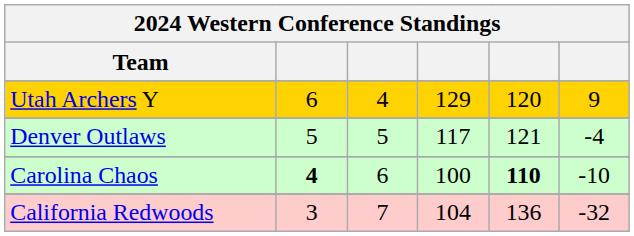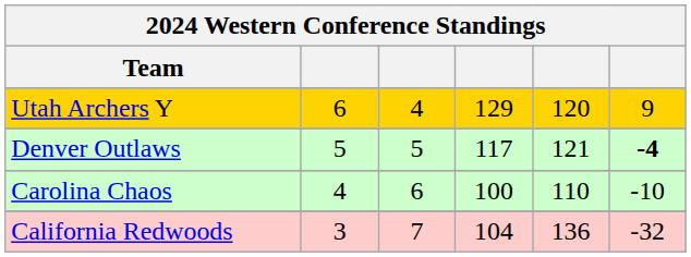 <table class="wikitable" style="text-align:center">
 <tr>
 <th colspan="14" style="background-color:;color:#000000;">2024 Western Conference Standings</th>
 </tr>
 <tr>
 <th width="175">Team</th>
 <th width="40"></th>
 <th width="40"></th>
 <th width="40"></th>
 <th width="40"></th>
 <th width="40"></th>
 </tr>
 <tr>
 </tr>
 <tr bgcolor="ffd300">
 <td style="text-align:left;"><a href='#'>Utah Archers</a> Y</td>
 <td>6</td>
 <td>4</td>
 <td>129</td>
 <td>120</td>
 <td>9</td>
 </tr>
 <tr>
 </tr>
 <tr bgcolor="ccffcc">
 <td style="text-align:left;"><a href='#'>Denver Outlaws</a></td>
 <td>5</td>
 <td>5</td>
 <td>117</td>
 <td>121</td>
-<td>-4</td>
+<td><strong>-4</strong></td>
 </tr>
 <tr>
 </tr>
 <tr bgcolor="ccffcc">
 <td style="text-align:left;"><a href='#'>Carolina Chaos</a></td>
-<td><strong>4</strong></td>
+<td>4</td>
 <td>6</td>
 <td>100</td>
-<td><strong>110</strong></td>
+<td>110</td>
 <td>-10</td>
 </tr>
 <tr>
 </tr>
 <tr bgcolor="ffcccc">
 <td style="text-align:left;"><a href='#'>California Redwoods</a></td>
 <td>3</td>
 <td>7</td>
 <td>104</td>
 <td>136</td>
 <td>-32</td>
 </tr>
 </table>
